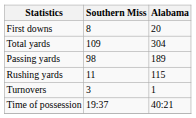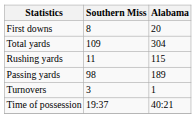 <table class="wikitable" style="float: left;">
 <tr>
 <th>Statistics</th>
 <th style=>Southern Miss</th>
 <th>Alabama</th>
 </tr>
 <tr>
 <td>First downs</td>
 <td>8</td>
 <td>20</td>
 </tr>
 <tr>
 <td>Total yards</td>
 <td>109</td>
 <td>304</td>
 </tr>
 <tr>
+<td>Rushing yards</td>
+<td>11</td>
+<td>115</td>
+</tr>
+<tr>
 <td>Passing yards</td>
 <td>98</td>
 <td>189</td>
-</tr>
-<tr>
-<td>Rushing yards</td>
-<td>11</td>
-<td>115</td>
 </tr>
 <tr>
 <td>Turnovers</td>
 <td>3</td>
 <td>1</td>
 </tr>
 <tr>
 <td>Time of possession</td>
 <td>19:37</td>
 <td>40:21</td>
 </tr>
 <tr>
 </tr>
 </table>
